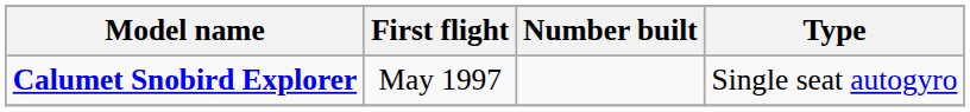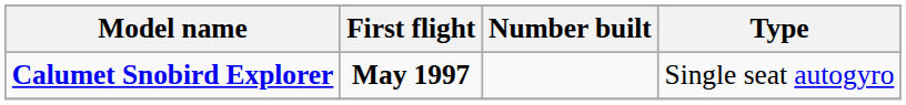 <table class="wikitable" align=center style="font-size:90%;">
 <tr>
 </tr>
 <tr style="background:#efefef;">
 <th>Model name</th>
 <th>First flight</th>
 <th>Number built</th>
 <th>Type</th>
 </tr>
 <tr>
 <td align=left><strong><a href='#'>Calumet Snobird Explorer</a></strong></td>
-<td align=center>May 1997</td>
+<td align=center><strong>May 1997</strong></td>
 <td align=center></td>
 <td align=left>Single seat <a href='#'>autogyro</a></td>
 </tr>
 <tr>
 </tr>
 </table>
